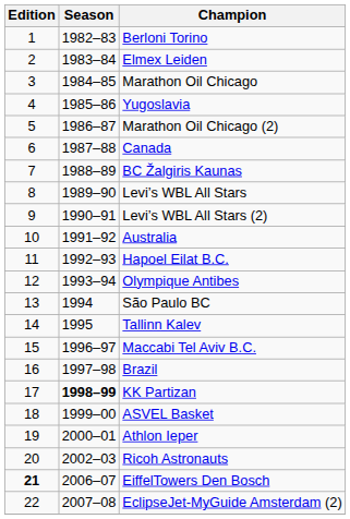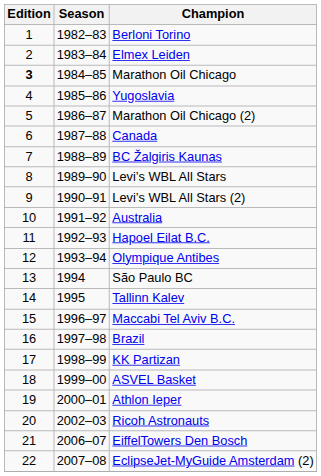 <table class="wikitable">
 <tr>
 <th>Edition</th>
 <th>Season</th>
 <th>Champion</th>
 </tr>
 <tr>
 <td align=center>1</td>
 <td>1982–83</td>
 <td> <a href='#'>Berloni Torino</a></td>
 </tr>
 <tr>
 <td align=center>2</td>
 <td>1983–84</td>
 <td> <a href='#'>Elmex Leiden</a></td>
 </tr>
 <tr>
-<td align=center>3</td>
+<td align=center><strong>3</strong></td>
 <td>1984–85</td>
 <td> Marathon Oil Chicago</td>
 </tr>
 <tr>
 <td align=center>4</td>
 <td>1985–86</td>
 <td> <a href='#'>Yugoslavia</a></td>
 </tr>
 <tr>
 <td align=center>5</td>
 <td>1986–87</td>
 <td> Marathon Oil Chicago (2)</td>
 </tr>
 <tr>
 <td align=center>6</td>
 <td>1987–88</td>
 <td> <a href='#'>Canada</a></td>
 </tr>
 <tr>
 <td align=center>7</td>
 <td>1988–89</td>
 <td> <a href='#'>BC Žalgiris Kaunas</a></td>
 </tr>
 <tr>
 <td align=center>8</td>
 <td>1989–90</td>
 <td> Levi’s WBL All Stars</td>
 </tr>
 <tr>
 <td align=center>9</td>
 <td>1990–91</td>
 <td> Levi’s WBL All Stars (2)</td>
 </tr>
 <tr>
 <td align=center>10</td>
 <td>1991–92</td>
 <td> <a href='#'>Australia</a></td>
 </tr>
 <tr>
 <td align=center>11</td>
 <td>1992–93</td>
 <td> <a href='#'>Hapoel Eilat B.C.</a></td>
 </tr>
 <tr>
 <td align=center>12</td>
 <td>1993–94</td>
 <td> <a href='#'>Olympique Antibes</a></td>
 </tr>
 <tr>
 <td align=center>13</td>
 <td>1994</td>
 <td> São Paulo BC</td>
 </tr>
 <tr>
 <td align=center>14</td>
 <td>1995</td>
 <td> <a href='#'>Tallinn Kalev</a></td>
 </tr>
 <tr>
 <td align=center>15</td>
 <td>1996–97</td>
 <td> <a href='#'>Maccabi Tel Aviv B.C.</a></td>
 </tr>
 <tr>
 <td align=center>16</td>
 <td>1997–98</td>
 <td> <a href='#'>Brazil</a></td>
 </tr>
 <tr>
 <td align=center>17</td>
-<td><strong>1998–99</strong></td>
+<td>1998–99</td>
 <td> <a href='#'>KK Partizan</a></td>
 </tr>
 <tr>
 <td align=center>18</td>
 <td>1999–00</td>
 <td> <a href='#'>ASVEL Basket</a></td>
 </tr>
 <tr>
 <td align=center>19</td>
 <td>2000–01</td>
 <td> <a href='#'>Athlon Ieper</a></td>
 </tr>
 <tr>
 <td align=center>20</td>
 <td>2002–03</td>
 <td> <a href='#'>Ricoh Astronauts</a></td>
 </tr>
 <tr>
-<td align=center><strong>21</strong></td>
+<td align=center>21</td>
 <td>2006–07</td>
 <td> <a href='#'>EiffelTowers Den Bosch</a></td>
 </tr>
 <tr>
 <td align=center>22</td>
 <td>2007–08</td>
 <td> <a href='#'>EclipseJet-MyGuide Amsterdam</a> (2)</td>
 </tr>
 <tr>
 </tr>
 </table>
